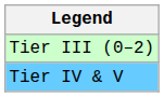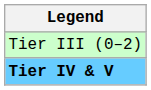 <table class="wikitable" style="font-size:90%">
 <tr>
 <th>Legend</th>
 </tr>
 <tr>
 <td style="background:#ccffcc;">Tier III (0–2)</td>
 </tr>
 <tr>
-<td style="background:#66ccff;">Tier IV & V</td>
+<td style="background:#66ccff;"><strong>Tier IV & V</strong></td>
 </tr>
 </table>
